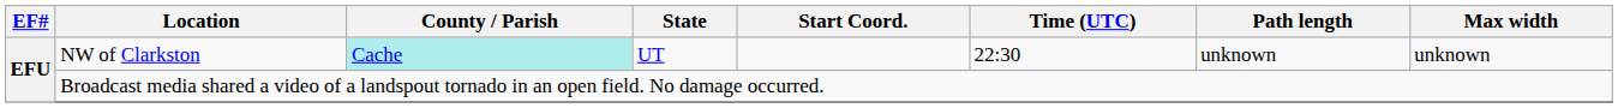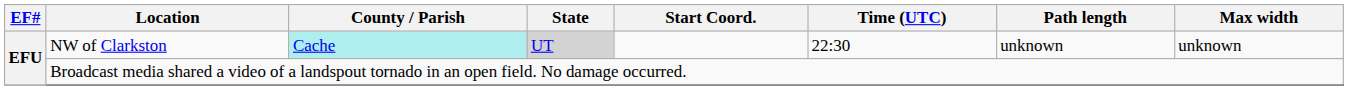 <table class="wikitable sortable" style="width:100%;">
 <tr>
 <th scope="col" width="2%" align="center"><a href='#'>EF#</a></th>
 <th scope="col" align="center" class="unsortable">Location</th>
 <th scope="col" align="center" class="unsortable">County / Parish</th>
 <th scope="col" align="center">State</th>
 <th scope="col" align="center">Start Coord.</th>
 <th scope="col" align="center">Time (<a href='#'>UTC</a>)</th>
 <th scope="col" align="center">Path length</th>
 <th scope="col" align="center">Max width</th>
 </tr>
 <tr>
 <th scope="row" rowspan="2" style="background-color:#">EFU</th>
 <td>NW of <a href='#'>Clarkston</a></td>
 <td style="background: paleturquoise;"><a href='#'>Cache</a></td>
-<td><a href='#'>UT</a></td>
+<td style="background: lightgrey;"><a href='#'>UT</a></td>
 <td></td>
 <td>22:30</td>
 <td>unknown</td>
 <td>unknown</td>
 </tr>
 <tr class="expand-child">
 <td colspan="8" style=" border-bottom: 1px solid black;">Broadcast media shared a video of a landspout tornado in an open field. No damage occurred.</td>
 </tr>
 <tr>
 </tr>
 </table>
